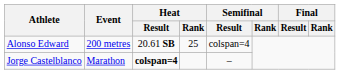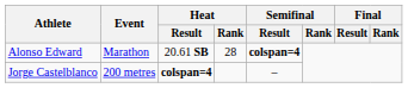 <table class=wikitable style=font-size:90%>
 <tr>
 <th rowspan=2>Athlete</th>
 <th rowspan=2>Event</th>
 <th colspan=2>Heat</th>
 <th colspan=2>Semifinal</th>
 <th colspan=2>Final</th>
 </tr>
 <tr style=font-size:95%>
 <th>Result</th>
 <th>Rank</th>
 <th>Result</th>
 <th>Rank</th>
 <th>Result</th>
 <th>Rank</th>
 </tr>
 <tr align=center>
 <td align=left><a href='#'>Alonso Edward</a></td>
-<td align=left><a href='#'>200 metres</a></td>
+<td align=left><a href='#'>Marathon</a></td>
 <td>20.61 <strong>SB</strong></td>
-<td>25</td>
-<td>colspan=4 </td>
+<td>28</td>
+<td><strong>colspan=4 </strong></td>
 </tr>
 <tr align=center>
 <td align=left><a href='#'>Jorge Castelblanco</a></td>
-<td align=left><a href='#'>Marathon</a></td>
+<td align=left><a href='#'>200 metres</a></td>
 <td><strong>colspan=4 </strong></td>
 <td></td>
 <td>–</td>
 </tr>
 </table>
